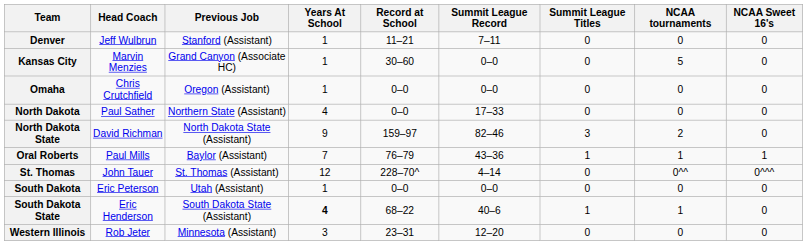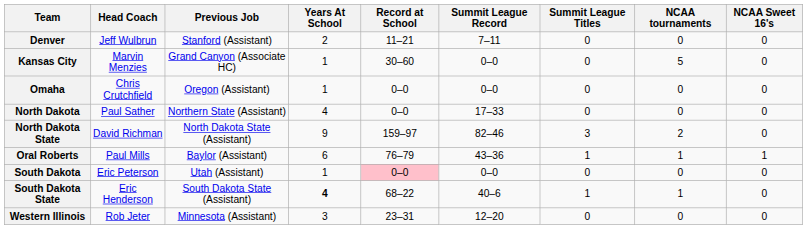 <table class="wikitable sortable" style="text-align:center">
 <tr>
 <th>Team</th>
 <th>Head Coach</th>
 <th>Previous Job</th>
 <th>Years At School</th>
 <th>Record at School</th>
 <th>Summit League Record</th>
 <th>Summit League Titles</th>
 <th>NCAA tournaments</th>
 <th>NCAA Sweet 16's</th>
 </tr>
 <tr>
 <th>Denver</th>
 <td><a href='#'>Jeff Wulbrun</a></td>
 <td><a href='#'>Stanford</a> (Assistant)</td>
-<td>1</td>
+<td>2</td>
 <td>11–21</td>
 <td>7–11</td>
 <td>0</td>
 <td>0</td>
 <td>0</td>
 </tr>
 <tr>
 <th>Kansas City</th>
 <td><a href='#'>Marvin Menzies</a></td>
 <td><a href='#'>Grand Canyon</a> (Associate HC)</td>
 <td>1</td>
 <td>30–60</td>
 <td>0–0</td>
 <td>0</td>
 <td>5</td>
 <td>0</td>
 </tr>
 <tr>
 <th>Omaha</th>
 <td><a href='#'>Chris Crutchfield</a></td>
 <td><a href='#'>Oregon</a> (Assistant)</td>
 <td>1</td>
 <td>0–0</td>
 <td>0–0</td>
 <td>0</td>
 <td>0</td>
 <td>0</td>
 </tr>
 <tr>
 <th>North Dakota</th>
 <td><a href='#'>Paul Sather</a></td>
 <td><a href='#'>Northern State</a> (Assistant)</td>
 <td>4</td>
 <td>0–0</td>
 <td>17–33</td>
 <td>0</td>
 <td>0</td>
 <td>0</td>
 </tr>
 <tr>
 <th>North Dakota State</th>
 <td><a href='#'>David Richman</a></td>
 <td><a href='#'>North Dakota State</a> (Assistant)</td>
 <td>9</td>
 <td>159–97</td>
 <td>82–46</td>
 <td>3</td>
 <td>2</td>
 <td>0</td>
 </tr>
 <tr>
 <th>Oral Roberts</th>
 <td><a href='#'>Paul Mills</a></td>
 <td><a href='#'>Baylor</a> (Assistant)</td>
-<td>7</td>
+<td>6</td>
 <td>76–79</td>
 <td>43–36</td>
 <td>1</td>
 <td>1</td>
 <td>1</td>
 </tr>
 <tr>
-<th>St. Thomas</th>
-<td><a href='#'>John Tauer</a></td>
-<td><a href='#'>St. Thomas</a> (Assistant)</td>
-<td>12</td>
-<td>228–70^</td>
-<td>4–14</td>
-<td>0</td>
-<td>0^^</td>
-<td>0^^^</td>
-</tr>
-<tr>
 <th>South Dakota</th>
 <td><a href='#'>Eric Peterson</a></td>
 <td><a href='#'>Utah</a> (Assistant)</td>
 <td>1</td>
-<td>0–0</td>
+<td style="background: pink;">0–0</td>
 <td>0–0</td>
 <td>0</td>
 <td>0</td>
 <td>0</td>
 </tr>
 <tr>
 <th>South Dakota State</th>
 <td><a href='#'>Eric Henderson</a></td>
 <td><a href='#'>South Dakota State</a> (Assistant)</td>
 <td><strong>4</strong></td>
 <td>68–22</td>
 <td>40–6</td>
 <td>1</td>
 <td>1</td>
 <td>0</td>
 </tr>
 <tr>
 <th>Western Illinois</th>
 <td><a href='#'>Rob Jeter</a></td>
 <td><a href='#'>Minnesota</a> (Assistant)</td>
 <td>3</td>
 <td>23–31</td>
 <td>12–20</td>
 <td>0</td>
 <td>0</td>
 <td>0</td>
 </tr>
 </table>
